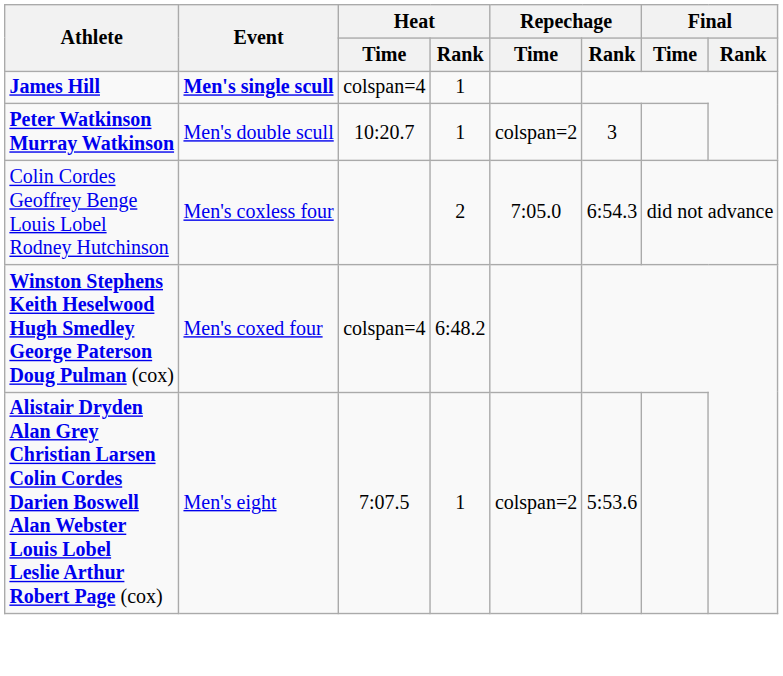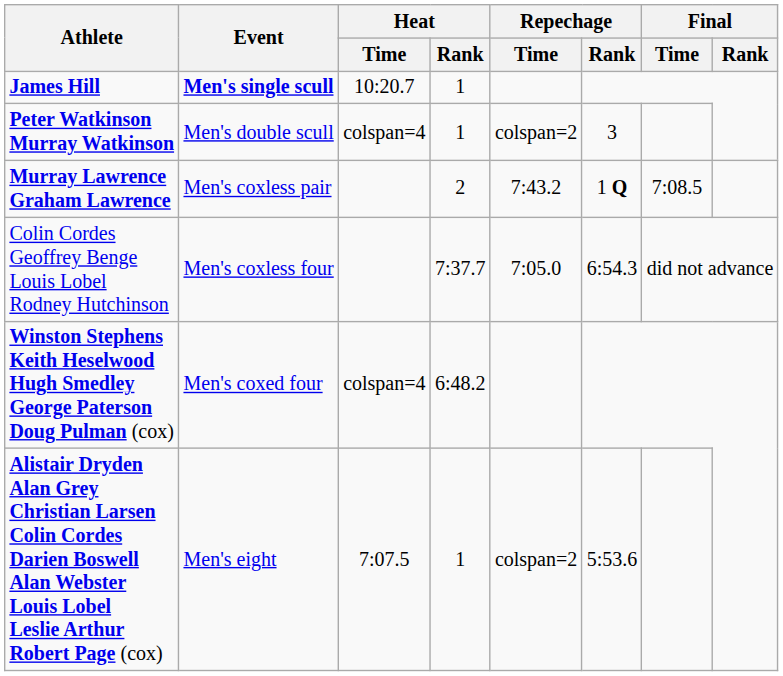 <table class=wikitable style="font-size:90%;text-align:center">
 <tr>
 <th rowspan=2>Athlete</th>
 <th rowspan=2>Event</th>
 <th colspan=2>Heat</th>
 <th colspan=2>Repechage</th>
 <th colspan=2>Final</th>
 </tr>
 <tr>
 <th>Time</th>
 <th>Rank</th>
 <th>Time</th>
 <th>Rank</th>
 <th>Time</th>
 <th>Rank</th>
 </tr>
 <tr>
 <td style="text-align:left;"><strong><a href='#'>James Hill</a></strong></td>
 <td style="text-align:left;"><strong><a href='#'>Men's single scull</a></strong></td>
-<td>colspan=4 </td>
+<td>10:20.7</td>
 <td>1</td>
 <td></td>
 </tr>
 <tr>
 <td style="text-align:left;"><strong><a href='#'>Peter Watkinson</a><br><a href='#'>Murray Watkinson</a></strong></td>
 <td style="text-align:left;"><a href='#'>Men's double scull</a></td>
-<td>10:20.7</td>
+<td>colspan=4 </td>
 <td>1</td>
 <td>colspan=2 </td>
 <td>3</td>
 <td></td>
 </tr>
 <tr>
+<td style="text-align:left;"><strong><a href='#'>Murray Lawrence</a><br><a href='#'>Graham Lawrence</a></strong></td>
+<td style="text-align:left;"><a href='#'>Men's coxless pair</a></td>
+<td></td>
+<td>2</td>
+<td>7:43.2</td>
+<td>1 <strong>Q</strong></td>
+<td>7:08.5</td>
+<td></td>
+</tr>
+<tr>
 <td style="text-align:left;"><a href='#'>Colin Cordes</a><br><a href='#'>Geoffrey Benge</a><br><a href='#'>Louis Lobel</a><br><a href='#'>Rodney Hutchinson</a></td>
 <td style="text-align:left;"><a href='#'>Men's coxless four</a></td>
 <td></td>
-<td>2</td>
+<td>7:37.7</td>
 <td>7:05.0</td>
 <td>6:54.3</td>
 <td colspan=2>did not advance</td>
 </tr>
 <tr>
 <td style="text-align:left;"><strong><a href='#'>Winston Stephens</a><br><a href='#'>Keith Heselwood</a><br><a href='#'>Hugh Smedley</a><br><a href='#'>George Paterson</a><br><a href='#'>Doug Pulman</a></strong> (cox)</td>
 <td style="text-align:left;"><a href='#'>Men's coxed four</a></td>
 <td>colspan=4 </td>
 <td>6:48.2</td>
 <td></td>
 </tr>
 <tr>
 <td style="text-align:left;"><strong><a href='#'>Alistair Dryden</a><br><a href='#'>Alan Grey</a><br><a href='#'>Christian Larsen</a><br><a href='#'>Colin Cordes</a><br><a href='#'>Darien Boswell</a><br><a href='#'>Alan Webster</a><br><a href='#'>Louis Lobel</a><br><a href='#'>Leslie Arthur</a><br><a href='#'>Robert Page</a></strong> (cox)</td>
 <td style="text-align:left;"><a href='#'>Men's eight</a></td>
 <td>7:07.5</td>
 <td>1</td>
 <td>colspan=2 </td>
 <td>5:53.6</td>
 <td></td>
 </tr>
 </table>
